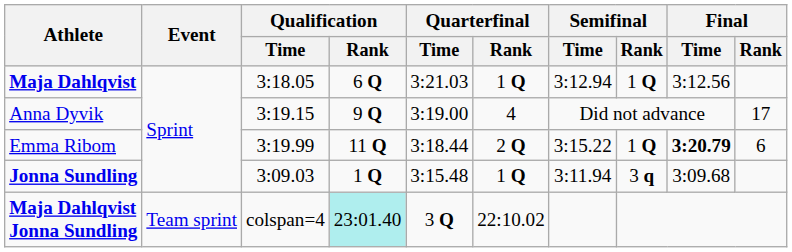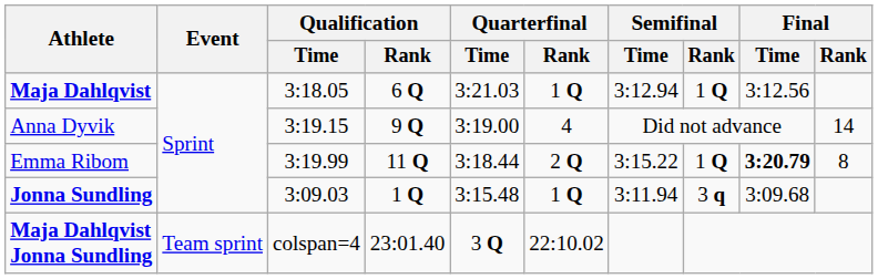 <table class="wikitable" style="font-size:90%">
 <tr>
 <th rowspan="2">Athlete</th>
 <th rowspan="2">Event</th>
 <th colspan="2">Qualification</th>
 <th colspan="2">Quarterfinal</th>
 <th colspan="2">Semifinal</th>
 <th colspan="2">Final</th>
 </tr>
 <tr style="font-size:95%">
 <th>Time</th>
 <th>Rank</th>
 <th>Time</th>
 <th>Rank</th>
 <th>Time</th>
 <th>Rank</th>
 <th>Time</th>
 <th>Rank</th>
 </tr>
 <tr align=center>
 <td align=left><strong><a href='#'>Maja Dahlqvist</a></strong></td>
 <td align=left rowspan=4><a href='#'>Sprint</a></td>
 <td>3:18.05</td>
 <td>6 <strong>Q</strong></td>
 <td>3:21.03</td>
 <td>1 <strong>Q</strong></td>
 <td>3:12.94</td>
 <td>1 <strong>Q</strong></td>
 <td>3:12.56</td>
 <td></td>
 </tr>
 <tr align=center>
 <td align=left><a href='#'>Anna Dyvik</a></td>
 <td>3:19.15</td>
 <td>9 <strong>Q</strong></td>
 <td>3:19.00</td>
 <td>4</td>
 <td colspan=3>Did not advance</td>
-<td>17</td>
+<td>14</td>
 </tr>
 <tr align=center>
 <td align=left><a href='#'>Emma Ribom</a></td>
 <td>3:19.99</td>
 <td>11 <strong>Q</strong></td>
 <td>3:18.44</td>
 <td>2 <strong>Q</strong></td>
 <td>3:15.22</td>
 <td>1 <strong>Q</strong></td>
 <td><strong>3:20.79</strong></td>
-<td>6</td>
+<td>8</td>
 </tr>
 <tr align=center>
 <td align=left><strong><a href='#'>Jonna Sundling</a></strong></td>
 <td>3:09.03</td>
 <td>1 <strong>Q</strong></td>
 <td>3:15.48</td>
 <td>1 <strong>Q</strong></td>
 <td>3:11.94</td>
 <td>3 <strong>q</strong></td>
 <td>3:09.68</td>
 <td></td>
 </tr>
 <tr align=center>
 <td align=left><strong><a href='#'>Maja Dahlqvist</a><br><a href='#'>Jonna Sundling</a></strong></td>
 <td align=left><a href='#'>Team sprint</a></td>
 <td>colspan=4 </td>
-<td style="background: paleturquoise;">23:01.40</td>
+<td>23:01.40</td>
 <td>3 <strong>Q</strong></td>
 <td>22:10.02</td>
 <td></td>
 </tr>
 </table>
